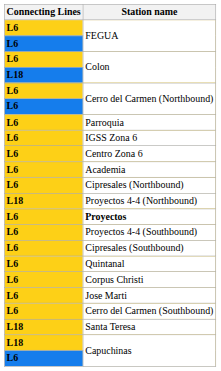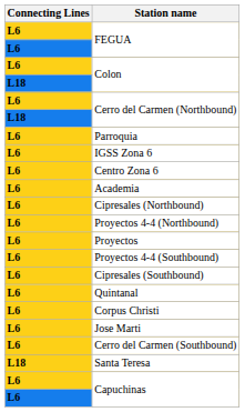 <table class="wikitable">
 <tr>
 <th>Connecting Lines</th>
 <th>Station name</th>
 </tr>
 <tr style="background-color:#FDD017;">
 <td><strong>L6</strong></td>
 <td rowspan="2" style="background-color:white;">FEGUA</td>
 </tr>
 <tr style="background-color:#157DEC;">
 <td><strong>L6</strong></td>
 </tr>
 <tr style="background-color:#FDD017;">
 <td><strong>L6</strong></td>
 <td rowspan="2" style="background-color:white;">Colon</td>
 </tr>
 <tr style="background-color:#157DEC;">
 <td><strong>L18</strong></td>
 </tr>
 <tr style="background-color:#FDD017;">
 <td><strong>L6</strong></td>
 <td rowspan="2" style="background-color:white;">Cerro del Carmen (Northbound)</td>
 </tr>
 <tr style="background-color:#157DEC;">
-<td><strong>L6</strong></td>
+<td><strong>L18</strong></td>
 </tr>
 <tr style="background-color:#FDD017;">
 <td><strong>L6</strong></td>
 <td style="background-color:white;" rowspan="1">Parroquia</td>
 </tr>
 <tr style="background-color:#FDD017;">
 <td><strong>L6</strong></td>
 <td style="background-color:white;" rowspan="1">IGSS Zona 6</td>
 </tr>
 <tr style="background-color:#FDD017;">
 <td><strong>L6</strong></td>
 <td style="background-color:white;" rowspan="1">Centro Zona 6</td>
 </tr>
 <tr style="background-color:#FDD017;">
 <td><strong>L6</strong></td>
 <td style="background-color:white;" rowspan="1">Academia</td>
 </tr>
 <tr style="background-color:#FDD017;">
 <td><strong>L6</strong></td>
 <td style="background-color:white;" rowspan="1">Cipresales (Northbound)</td>
 </tr>
 <tr style="background-color:#FDD017;">
-<td><strong>L18</strong></td>
+<td><strong>L6</strong></td>
 <td style="background-color:white;" rowspan="1">Proyectos 4-4 (Northbound)</td>
 </tr>
 <tr style="background-color:#FDD017;">
 <td><strong>L6</strong></td>
-<td style="background-color:white;" rowspan="1"><strong>Proyectos</strong></td>
+<td style="background-color:white;" rowspan="1">Proyectos</td>
 </tr>
 <tr style="background-color:#FDD017;">
 <td><strong>L6</strong></td>
 <td style="background-color:white;" rowspan="1">Proyectos 4-4 (Southbound)</td>
 </tr>
 <tr style="background-color:#FDD017;">
 <td><strong>L6</strong></td>
 <td style="background-color:white;" rowspan="1">Cipresales (Southbound)</td>
 </tr>
 <tr style="background-color:#FDD017;">
 <td><strong>L6</strong></td>
 <td style="background-color:white;" rowspan="1">Quintanal</td>
 </tr>
 <tr style="background-color:#FDD017;">
 <td><strong>L6</strong></td>
 <td style="background-color:white;" rowspan="1">Corpus Christi</td>
 </tr>
 <tr style="background-color:#FDD017;">
 <td><strong>L6</strong></td>
 <td style="background-color:white;" rowspan="1">Jose Marti</td>
 </tr>
 <tr style="background-color:#FDD017;">
 <td><strong>L6</strong></td>
 <td style="background-color:white;" rowspan="1">Cerro del Carmen (Southbound)</td>
 </tr>
 <tr style="background-color:#FDD017;">
 <td><strong>L18</strong></td>
 <td style="background-color:white;" rowspan="1">Santa Teresa</td>
 </tr>
 <tr style="background-color:#FDD017;">
-<td><strong>L18</strong></td>
+<td><strong>L6</strong></td>
 <td style="background-color:white;" rowspan="2">Capuchinas</td>
 </tr>
 <tr style="background-color:#157DEC;">
 <td><strong>L6</strong></td>
 </tr>
 </table>
